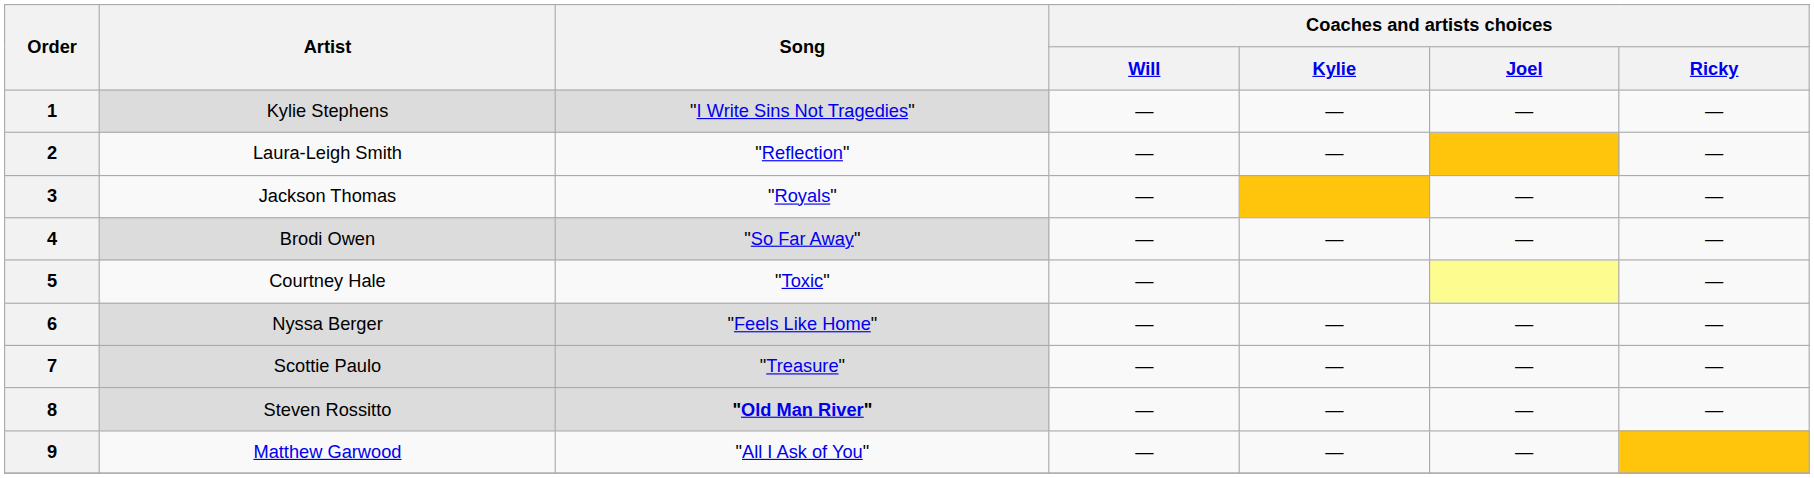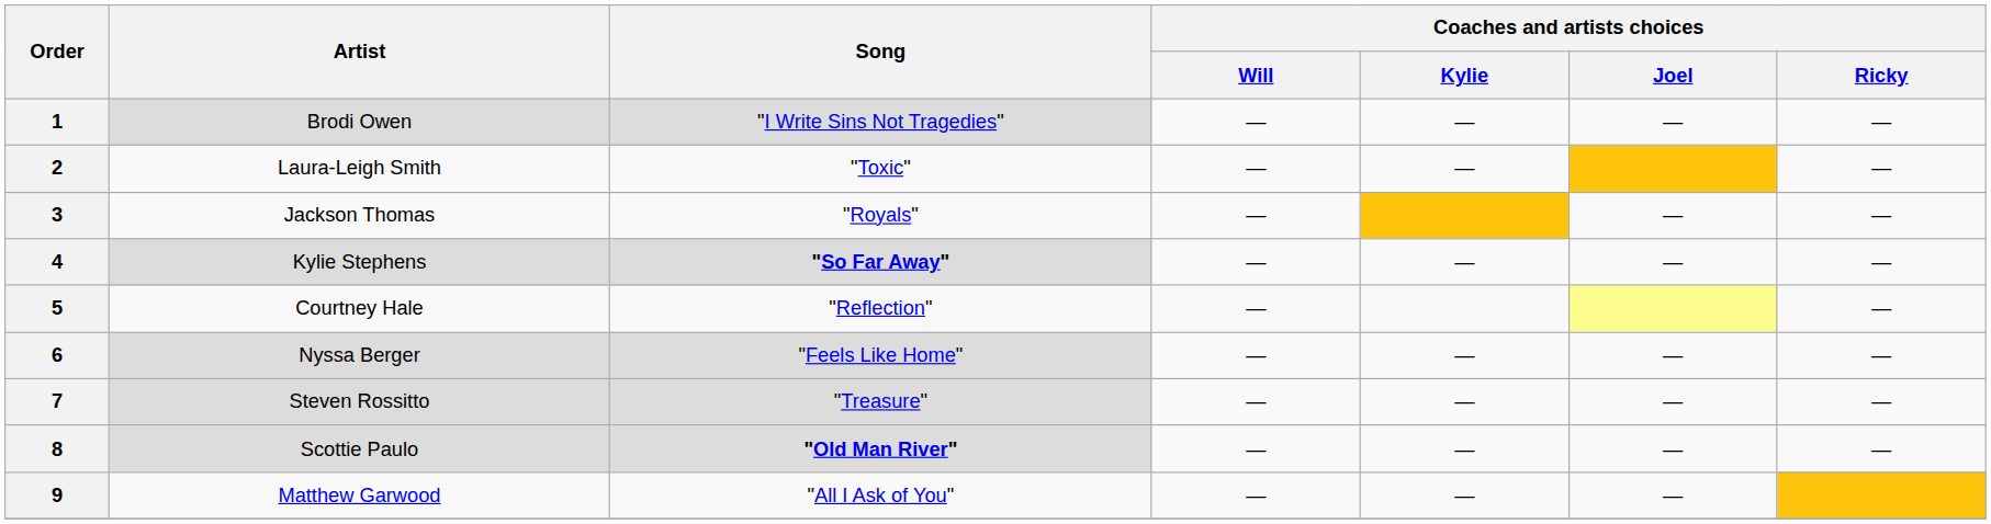 <table class="wikitable" style="text-align:center; line-height:30px; width:100%;">
 <tr>
 <th scope="col" rowspan="2" style="width:05%;">Order</th>
 <th scope="col" rowspan="2" style="width:24%;">Artist</th>
 <th scope="col" rowspan="2" style="width:26%;">Song</th>
 <th colspan="4" style="width:40%;">Coaches and artists choices</th>
 </tr>
 <tr>
 <th style="width:10%;"><a href='#'>Will</a></th>
 <th style="width:10%;"><a href='#'>Kylie</a></th>
 <th style="width:10%;"><a href='#'>Joel</a></th>
 <th style="width:10%;"><a href='#'>Ricky</a></th>
 </tr>
 <tr>
 <th scope="col">1</th>
-<td style="background:#DCDCDC;">Kylie Stephens</td>
+<td style="background:#DCDCDC;">Brodi Owen</td>
 <td style="background:#DCDCDC;">"<a href='#'>I Write Sins Not Tragedies</a>"</td>
 <td>—</td>
 <td>—</td>
 <td>—</td>
 <td>—</td>
 </tr>
 <tr>
 <th scope="col">2</th>
 <td>Laura-Leigh Smith</td>
-<td>"<a href='#'>Reflection</a>"</td>
+<td>"<a href='#'>Toxic</a>"</td>
 <td>—</td>
 <td>—</td>
 <td style="background:#FFC40C;"><strong></strong></td>
 <td>—</td>
 </tr>
 <tr>
 <th scope="col">3</th>
 <td>Jackson Thomas</td>
 <td>"<a href='#'>Royals</a>"</td>
 <td>—</td>
 <td style="background:#FFC40C;"><strong></strong></td>
 <td>—</td>
 <td>—</td>
 </tr>
 <tr>
 <th scope="col">4</th>
-<td style="background:#DCDCDC;">Brodi Owen</td>
-<td style="background:#DCDCDC;">"<a href='#'>So Far Away</a>"</td>
+<td style="background:#DCDCDC;">Kylie Stephens</td>
+<td style="background:#DCDCDC;"><strong>"<a href='#'>So Far Away</a>"</strong></td>
 <td>—</td>
 <td>—</td>
 <td>—</td>
 <td>—</td>
 </tr>
 <tr>
 <th scope="col">5</th>
 <td>Courtney Hale</td>
-<td>"<a href='#'>Toxic</a>"</td>
+<td>"<a href='#'>Reflection</a>"</td>
 <td>—</td>
 <td><strong></strong></td>
 <td style="background:#fdfc8f;"><strong></strong></td>
 <td>—</td>
 </tr>
 <tr>
 <th scope="col">6</th>
 <td style="background:#DCDCDC;">Nyssa Berger</td>
 <td style="background:#DCDCDC;">"<a href='#'>Feels Like Home</a>"</td>
 <td>—</td>
 <td>—</td>
 <td>—</td>
 <td>—</td>
 </tr>
 <tr>
 <th scope="col">7</th>
-<td style="background:#DCDCDC;">Scottie Paulo</td>
+<td style="background:#DCDCDC;">Steven Rossitto</td>
 <td style="background:#DCDCDC;">"<a href='#'>Treasure</a>"</td>
 <td>—</td>
 <td>—</td>
 <td>—</td>
 <td>—</td>
 </tr>
 <tr>
 <th scope="col">8</th>
-<td style="background:#DCDCDC;">Steven Rossitto</td>
+<td style="background:#DCDCDC;">Scottie Paulo</td>
 <td style="background:#DCDCDC;"><strong>"<a href='#'>Old Man River</a>"</strong></td>
 <td>—</td>
 <td>—</td>
 <td>—</td>
 <td>—</td>
 </tr>
 <tr>
 <th scope="col">9</th>
 <td><a href='#'>Matthew Garwood</a></td>
 <td>"<a href='#'>All I Ask of You</a>"</td>
 <td>—</td>
 <td>—</td>
 <td>—</td>
 <td style="background:#FFC40C;"><strong></strong></td>
 </tr>
 <tr>
 </tr>
 </table>
